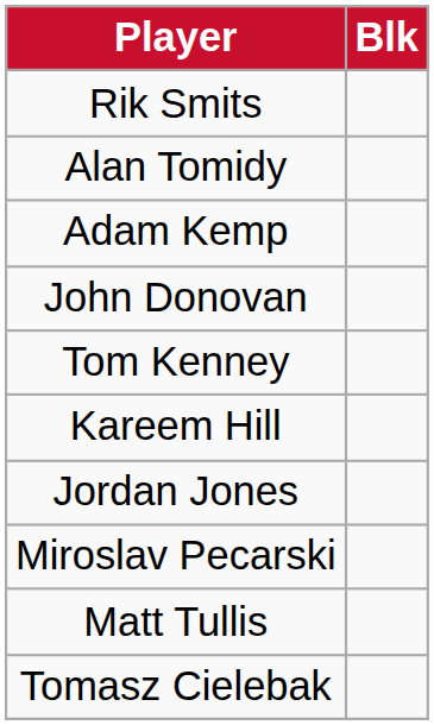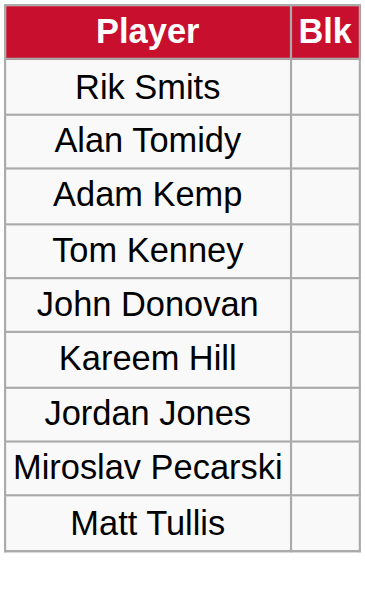 <table class="wikitable sortable" style="text-align:center">
 <tr>
 <th style="background:#C8102E; color:#FFFFFF;">Player</th>
 <th style="background:#C8102E; color:#FFFFFF;">Blk</th>
 </tr>
 <tr>
 <td>Rik Smits</td>
 <td></td>
 </tr>
 <tr>
 <td>Alan Tomidy</td>
 <td></td>
 </tr>
 <tr>
 <td>Adam Kemp</td>
 <td></td>
 </tr>
 <tr>
-<td>John Donovan</td>
+<td>Tom Kenney</td>
 <td></td>
 </tr>
 <tr>
-<td>Tom Kenney</td>
+<td>John Donovan</td>
 <td></td>
 </tr>
 <tr>
 <td>Kareem Hill</td>
 <td></td>
 </tr>
 <tr>
 <td>Jordan Jones</td>
 <td></td>
 </tr>
 <tr>
 <td>Miroslav Pecarski</td>
 <td></td>
 </tr>
 <tr>
 <td>Matt Tullis</td>
 <td></td>
 </tr>
 <tr>
-<td>Tomasz Cielebak</td>
-<td></td>
-</tr>
-<tr>
 </tr>
 </table>
